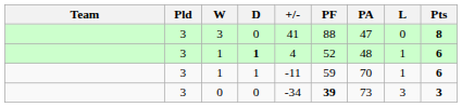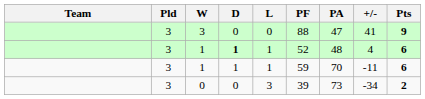 <table class="wikitable" style="text-align: center;">
 <tr>
 <th width="200">Team</th>
 <th width="40">Pld</th>
 <th width="40">W</th>
 <th width="40">D</th>
-<th width="40">+/-</th>
+<th width="40">L</th>
 <th width="40">PF</th>
 <th width="40">PA</th>
-<th width="40">L</th>
+<th width="40">+/-</th>
 <th width="40">Pts</th>
 </tr>
 <tr style="background:#ccffcc;">
 <td style="text-align:left;"></td>
 <td>3</td>
 <td>3</td>
 <td>0</td>
-<td>41</td>
+<td>0</td>
 <td>88</td>
 <td>47</td>
-<td>0</td>
-<td><strong>8</strong></td>
+<td>41</td>
+<td><strong>9</strong></td>
 </tr>
 <tr style="background:#ccffcc;">
 <td style="text-align:left;"></td>
 <td>3</td>
 <td>1</td>
 <td><strong>1</strong></td>
-<td>4</td>
+<td>1</td>
 <td>52</td>
 <td>48</td>
-<td>1</td>
+<td>4</td>
 <td><strong>6</strong></td>
 </tr>
 <tr>
 <td style="text-align:left;"></td>
 <td>3</td>
 <td>1</td>
 <td>1</td>
-<td>-11</td>
+<td>1</td>
 <td>59</td>
 <td>70</td>
-<td>1</td>
+<td>-11</td>
 <td><strong>6</strong></td>
 </tr>
 <tr>
 <td style="text-align:left;"></td>
 <td>3</td>
 <td>0</td>
 <td>0</td>
+<td>3</td>
+<td>39</td>
+<td>73</td>
 <td>-34</td>
-<td><strong>39</strong></td>
-<td>73</td>
-<td>3</td>
-<td><strong>3</strong></td>
+<td><strong>2</strong></td>
 </tr>
 </table>
